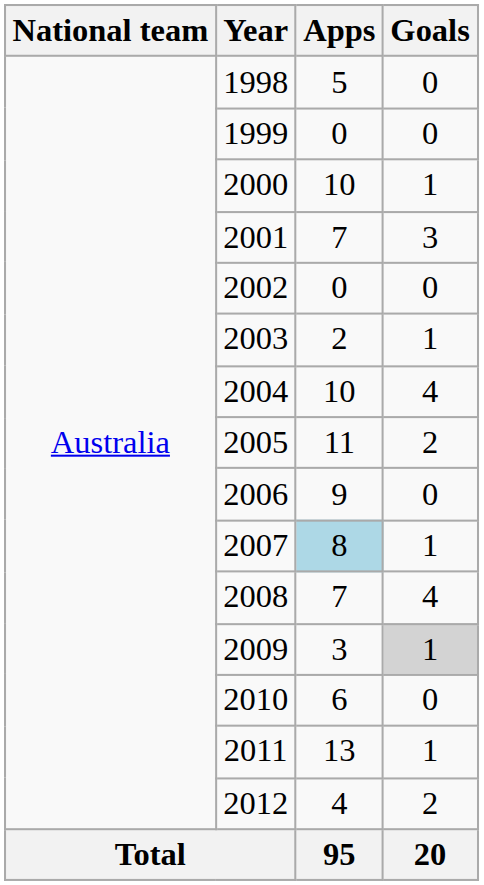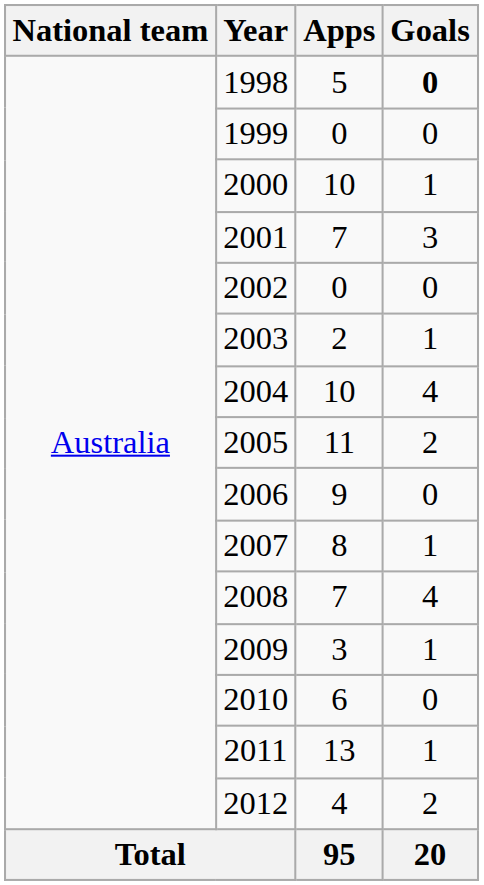 <table class="wikitable" style="text-align:center">
 <tr>
 <th>National team</th>
 <th>Year</th>
 <th>Apps</th>
 <th>Goals</th>
 </tr>
 <tr>
 <td rowspan="15"><a href='#'>Australia</a></td>
 <td>1998</td>
 <td>5</td>
-<td>0</td>
+<td><strong>0</strong></td>
 </tr>
 <tr>
 <td>1999</td>
 <td>0</td>
 <td>0</td>
 </tr>
 <tr>
 <td>2000</td>
 <td>10</td>
 <td>1</td>
 </tr>
 <tr>
 <td>2001</td>
 <td>7</td>
 <td>3</td>
 </tr>
 <tr>
 <td>2002</td>
 <td>0</td>
 <td>0</td>
 </tr>
 <tr>
 <td>2003</td>
 <td>2</td>
 <td>1</td>
 </tr>
 <tr>
 <td>2004</td>
 <td>10</td>
 <td>4</td>
 </tr>
 <tr>
 <td>2005</td>
 <td>11</td>
 <td>2</td>
 </tr>
 <tr>
 <td>2006</td>
 <td>9</td>
 <td>0</td>
 </tr>
 <tr>
 <td>2007</td>
-<td style="background: lightblue;">8</td>
+<td>8</td>
 <td>1</td>
 </tr>
 <tr>
 <td>2008</td>
 <td>7</td>
 <td>4</td>
 </tr>
 <tr>
 <td>2009</td>
 <td>3</td>
-<td style="background: lightgrey;">1</td>
+<td>1</td>
 </tr>
 <tr>
 <td>2010</td>
 <td>6</td>
 <td>0</td>
 </tr>
 <tr>
 <td>2011</td>
 <td>13</td>
 <td>1</td>
 </tr>
 <tr>
 <td>2012</td>
 <td>4</td>
 <td>2</td>
 </tr>
 <tr>
 <th colspan="2">Total</th>
 <th>95</th>
 <th>20</th>
 </tr>
 </table>
